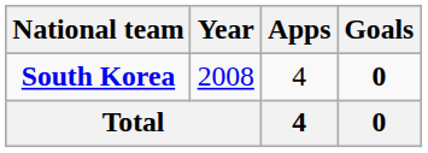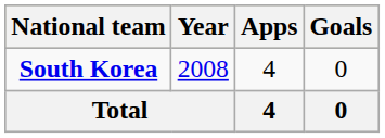 <table class="wikitable" style="font-size:90%;text-align:center">
 <tr style="background:beige">
 <th>National team</th>
 <th>Year</th>
 <th>Apps</th>
 <th>Goals</th>
 </tr>
 <tr>
 <td align=center valign=center><strong><a href='#'>South Korea</a></strong></td>
 <td><a href='#'>2008</a></td>
 <td>4</td>
-<td><strong>0</strong></td>
+<td>0</td>
 </tr>
 <tr>
 <th colspan=2>Total</th>
 <th>4</th>
 <th>0</th>
 </tr>
 </table>
